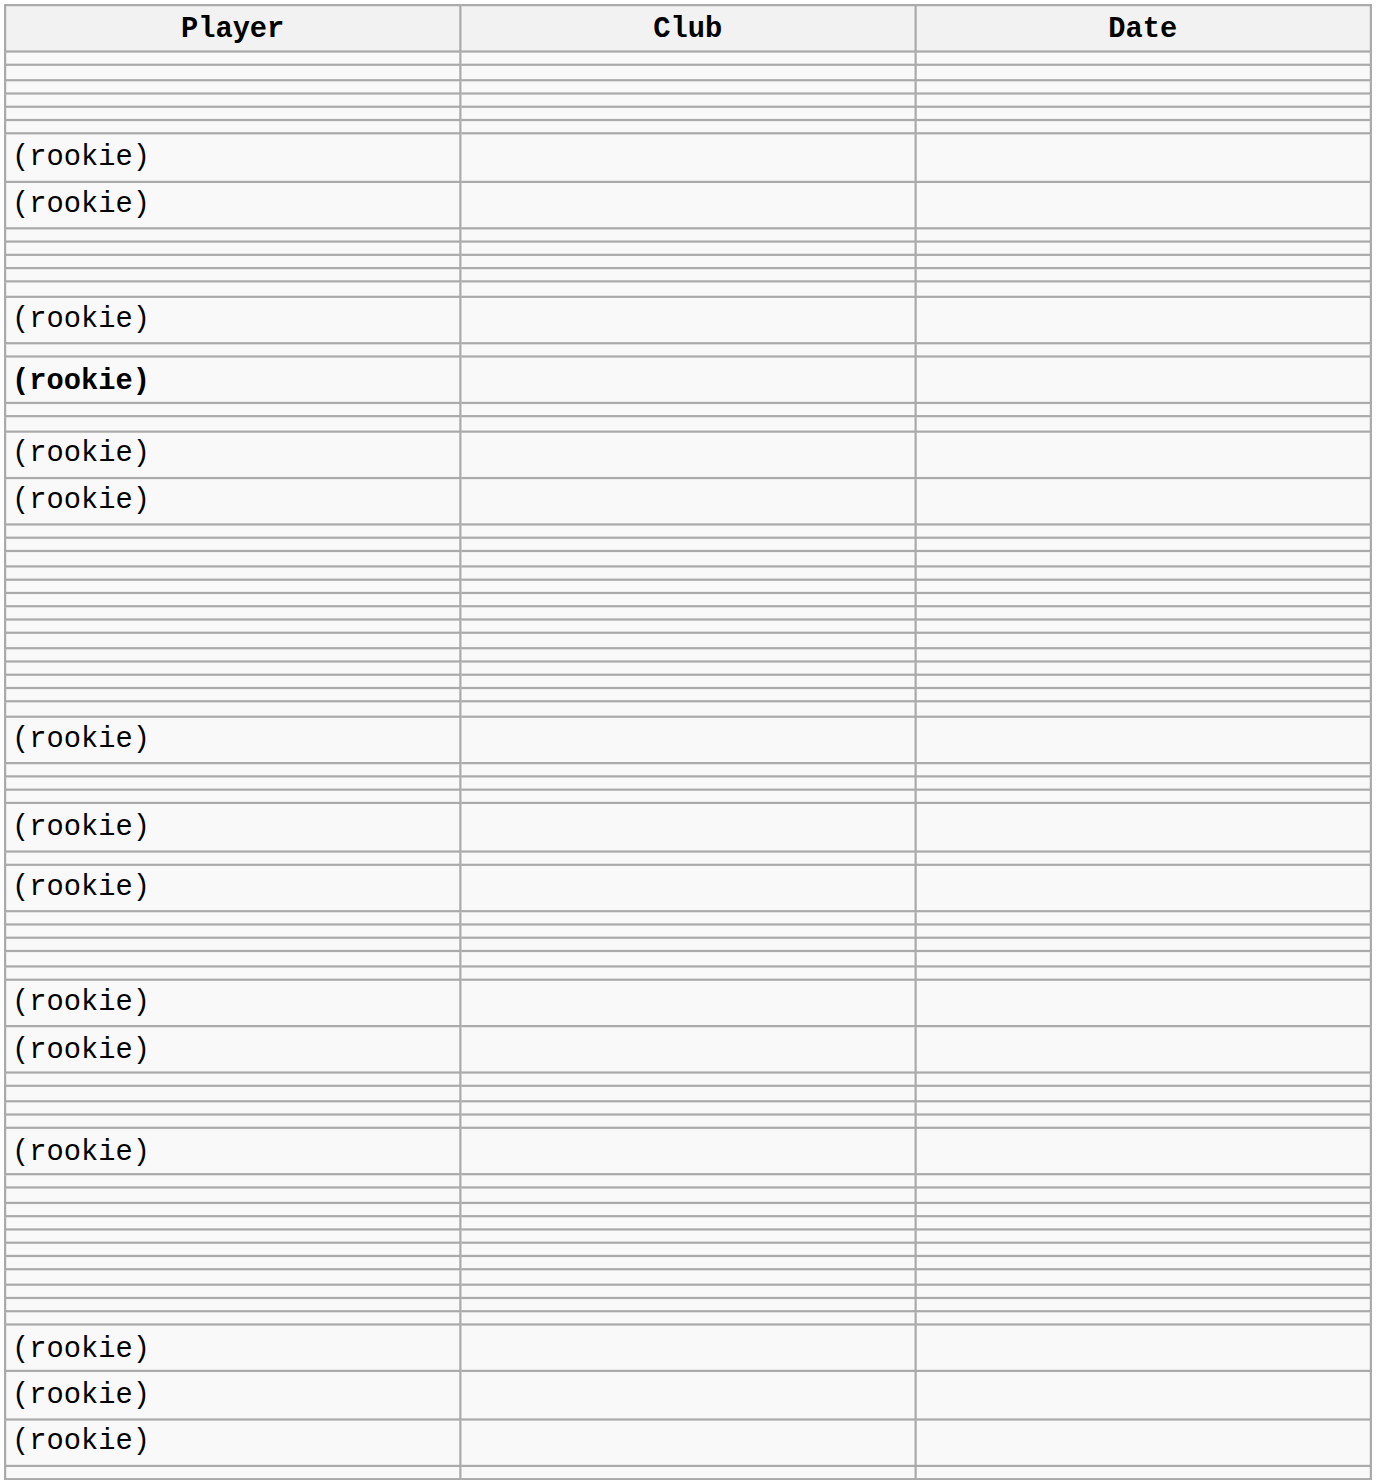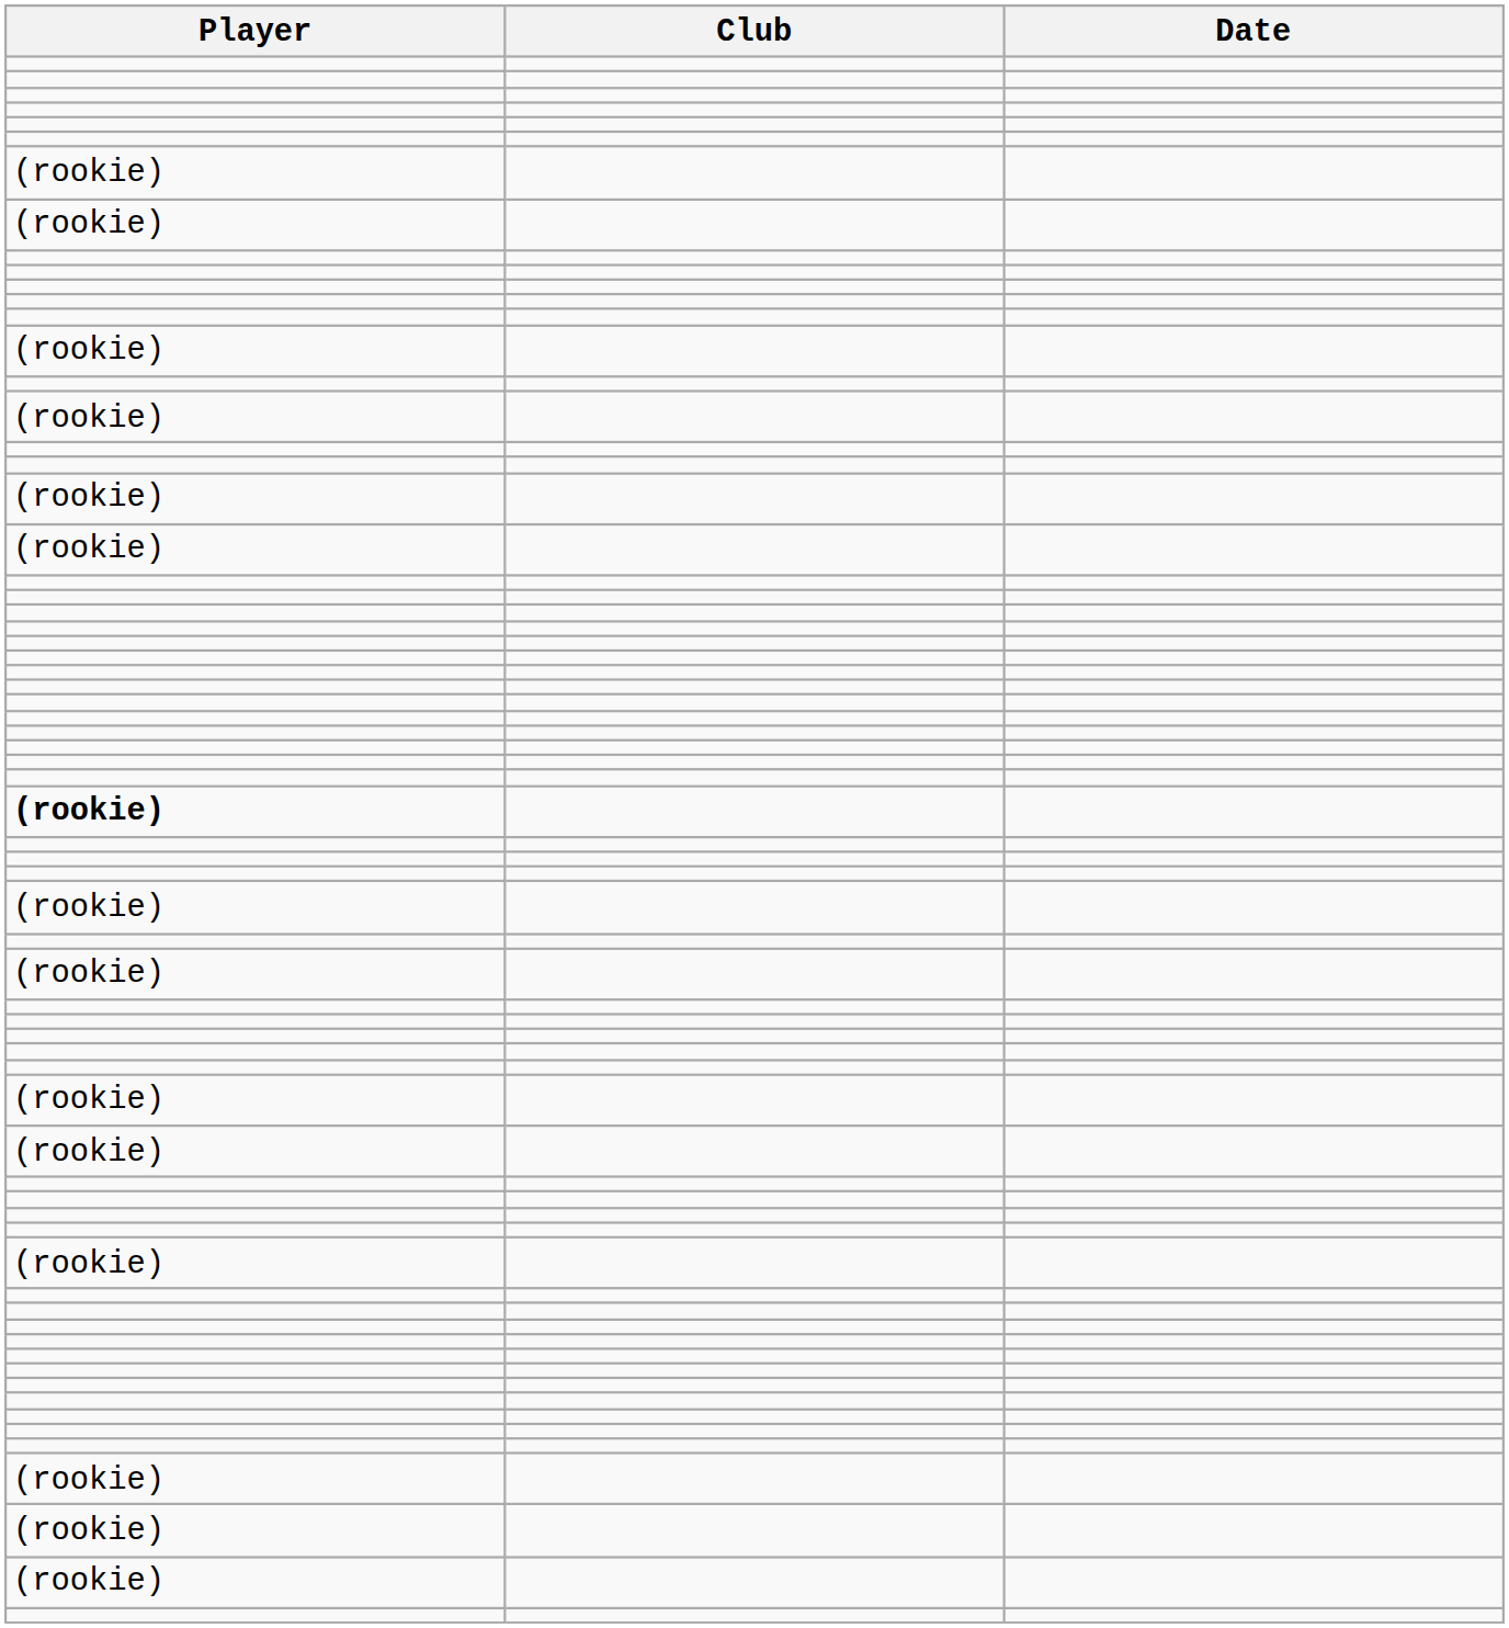 <table class="wikitable sortable" style="width:70%;">
 <tr style="background:#efefef;">
 <th style="width:15%;">Player</th>
 <th style="width:15%;">Club</th>
 <th style="width:15%;">Date</th>
 </tr>
 <tr>
 <td></td>
 <td></td>
 <td></td>
 </tr>
 <tr>
 <td></td>
 <td></td>
 <td></td>
 </tr>
 <tr>
 <td></td>
 <td></td>
 <td></td>
 </tr>
 <tr>
 <td></td>
 <td></td>
 <td></td>
 </tr>
 <tr>
 <td></td>
 <td></td>
 <td></td>
 </tr>
 <tr>
 <td></td>
 <td></td>
 <td></td>
 </tr>
 <tr>
 <td> (rookie)</td>
 <td></td>
 <td></td>
 </tr>
 <tr>
 <td> (rookie)</td>
 <td></td>
 <td></td>
 </tr>
 <tr>
 <td></td>
 <td></td>
 <td></td>
 </tr>
 <tr>
 <td></td>
 <td></td>
 <td></td>
 </tr>
 <tr>
 <td></td>
 <td></td>
 <td></td>
 </tr>
 <tr>
 <td></td>
 <td></td>
 <td></td>
 </tr>
 <tr>
 <td></td>
 <td></td>
 <td></td>
 </tr>
 <tr>
 <td> (rookie)</td>
 <td></td>
 <td></td>
 </tr>
 <tr>
 <td></td>
 <td></td>
 <td></td>
 </tr>
 <tr>
-<td><strong> (rookie)</strong></td>
+<td> (rookie)</td>
 <td></td>
 <td></td>
 </tr>
 <tr>
 <td></td>
 <td></td>
 <td></td>
 </tr>
 <tr>
 <td></td>
 <td></td>
 <td></td>
 </tr>
 <tr>
 <td> (rookie)</td>
 <td></td>
 <td></td>
 </tr>
 <tr>
 <td> (rookie)</td>
 <td></td>
 <td></td>
 </tr>
 <tr>
 <td></td>
 <td></td>
 <td></td>
 </tr>
 <tr>
 <td></td>
 <td></td>
 <td></td>
 </tr>
 <tr>
 <td></td>
 <td></td>
 <td></td>
 </tr>
 <tr>
 <td></td>
 <td></td>
 <td></td>
 </tr>
 <tr>
 <td></td>
 <td></td>
 <td></td>
 </tr>
 <tr>
 <td></td>
 <td></td>
 <td></td>
 </tr>
 <tr>
 <td></td>
 <td></td>
 <td></td>
 </tr>
 <tr>
 <td></td>
 <td></td>
 <td></td>
 </tr>
 <tr>
 <td></td>
 <td></td>
 <td></td>
 </tr>
 <tr>
 <td></td>
 <td></td>
 <td></td>
 </tr>
 <tr>
 <td></td>
 <td></td>
 <td></td>
 </tr>
 <tr>
 <td></td>
 <td></td>
 <td></td>
 </tr>
 <tr>
 <td></td>
 <td></td>
 <td></td>
 </tr>
 <tr>
 <td></td>
 <td></td>
 <td></td>
 </tr>
 <tr>
-<td> (rookie)</td>
+<td><strong> (rookie)</strong></td>
 <td></td>
 <td></td>
 </tr>
 <tr>
 <td></td>
 <td></td>
 <td></td>
 </tr>
 <tr>
 <td></td>
 <td></td>
 <td></td>
 </tr>
 <tr>
 <td></td>
 <td></td>
 <td></td>
 </tr>
 <tr>
 <td> (rookie)</td>
 <td></td>
 <td></td>
 </tr>
 <tr>
 <td></td>
 <td></td>
 <td></td>
 </tr>
 <tr>
 <td> (rookie)</td>
 <td></td>
 <td></td>
 </tr>
 <tr>
 <td></td>
 <td></td>
 <td></td>
 </tr>
 <tr>
 <td></td>
 <td></td>
 <td></td>
 </tr>
 <tr>
 <td></td>
 <td></td>
 <td></td>
 </tr>
 <tr>
 <td></td>
 <td></td>
 <td></td>
 </tr>
 <tr>
 <td> </td>
 <td></td>
 <td></td>
 </tr>
 <tr>
 <td> (rookie)</td>
 <td></td>
 <td></td>
 </tr>
 <tr>
 <td> (rookie)</td>
 <td></td>
 <td></td>
 </tr>
 <tr>
 <td></td>
 <td></td>
 <td></td>
 </tr>
 <tr>
 <td></td>
 <td></td>
 <td></td>
 </tr>
 <tr>
 <td></td>
 <td></td>
 <td></td>
 </tr>
 <tr>
 <td></td>
 <td></td>
 <td></td>
 </tr>
 <tr>
 <td> (rookie)</td>
 <td></td>
 <td></td>
 </tr>
 <tr>
 <td></td>
 <td></td>
 <td></td>
 </tr>
 <tr>
 <td></td>
 <td></td>
 <td></td>
 </tr>
 <tr>
 <td></td>
 <td></td>
 <td></td>
 </tr>
 <tr>
 <td></td>
 <td></td>
 <td></td>
 </tr>
 <tr>
 <td></td>
 <td></td>
 <td></td>
 </tr>
 <tr>
 <td></td>
 <td></td>
 <td></td>
 </tr>
 <tr>
 <td></td>
 <td></td>
 <td></td>
 </tr>
 <tr>
 <td></td>
 <td></td>
 <td></td>
 </tr>
 <tr>
 <td></td>
 <td></td>
 <td></td>
 </tr>
 <tr>
 <td></td>
 <td></td>
 <td></td>
 </tr>
 <tr>
 <td></td>
 <td></td>
 <td></td>
 </tr>
 <tr>
 <td> (rookie)</td>
 <td></td>
 <td></td>
 </tr>
 <tr>
 <td> (rookie)</td>
 <td></td>
 <td></td>
 </tr>
 <tr>
 <td> (rookie)</td>
 <td></td>
 <td></td>
 </tr>
 <tr>
 <td></td>
 <td></td>
 <td></td>
 </tr>
 </table>
